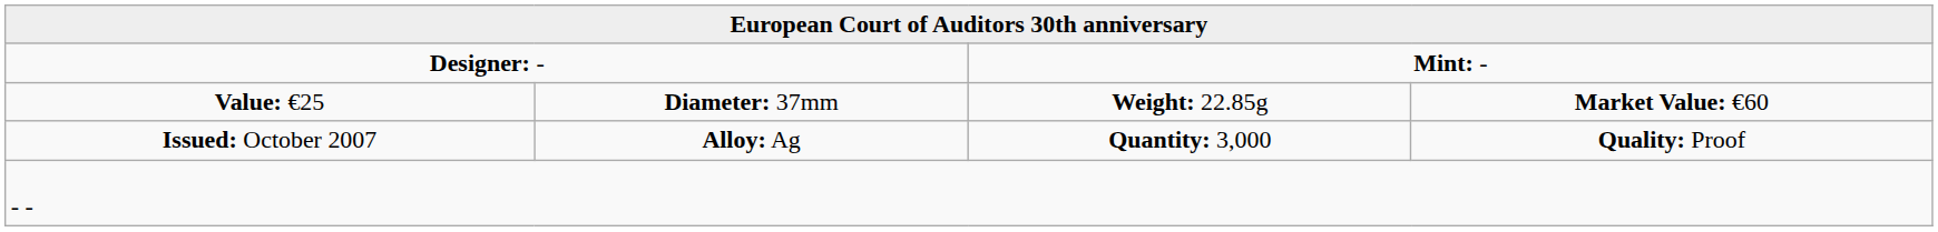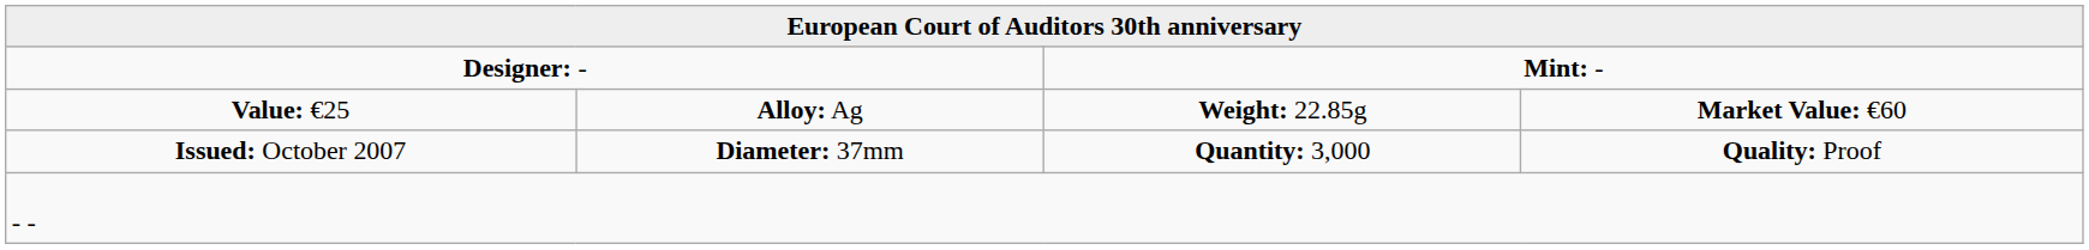 <table class="wikitable" width=100%>
 <tr>
 <th colspan="4" align=center style="background:#eeeeee;">European Court of Auditors 30th anniversary</th>
 </tr>
 <tr>
 <td colspan="2" width="50%" align=center><strong>Designer:</strong>	-</td>
 <td colspan="2" width="50%" align=center><strong>Mint:</strong> -</td>
 </tr>
 <tr>
 <td align=center><strong>Value:</strong>	€25</td>
-<td align=center><strong>Diameter:</strong>	37mm</td>
+<td align=center><strong>Alloy:</strong>	Ag</td>
 <td align=center><strong>Weight:</strong>	22.85g</td>
 <td align=center><strong>Market Value:</strong>	€60</td>
 </tr>
 <tr>
 <td align=center><strong>Issued:</strong>	October 2007</td>
-<td align=center><strong>Alloy:</strong>	Ag</td>
+<td align=center><strong>Diameter:</strong>	37mm</td>
 <td align=center><strong>Quantity:</strong>	3,000</td>
 <td align=center><strong>Quality:</strong>	Proof</td>
 </tr>
 <tr>
 <td colspan="5" align=left><br>-	 -</td>
 </tr>
 </table>
